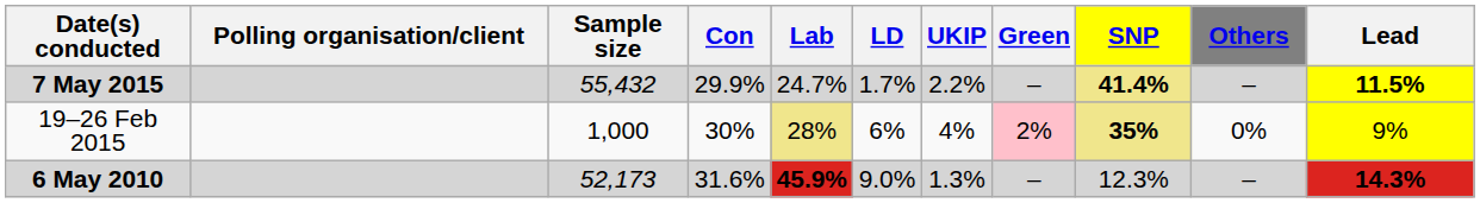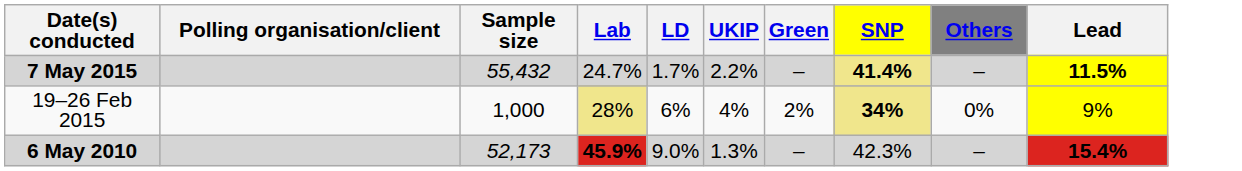 <table class="wikitable sortable" style="text-align:center;font-size:90%;line-height:14px">
 <tr>
 <th ! style="width:100px;">Date(s)<br>conducted</th>
 <th style="width:200px;">Polling organisation/client</th>
 <th class="unsortable" style="width:75px;">Sample size</th>
-<th class="unsortable" style="background:"><a href='#'><span>Con</span></a></th>
 <th class="unsortable" style="background:"><a href='#'><span>Lab</span></a></th>
 <th class="unsortable" style="background:"><a href='#'><span>LD</span></a></th>
 <th class="unsortable" style="background:"><a href='#'><span>UKIP</span></a></th>
 <th class="unsortable" style="background:"><a href='#'><span>Green</span></a></th>
 <th class="unsortable" style="background:#ffff00; width:60px;"><a href='#'><span>SNP</span></a></th>
 <th class="unsortable" style="background:gray; width:60px;"><a href='#'><span>Others</span></a></th>
 <th class="unsortable" style="width:90px;">Lead</th>
 </tr>
 <tr>
 <td style="background:#D5D5D5"><strong>7 May 2015</strong></td>
 <td style="background:#D5D5D5"></td>
 <td style="background:#D5D5D5"><em>55,432</em></td>
-<td style="background:#D5D5D5">29.9%</td>
 <td style="background:#D5D5D5">24.7%</td>
 <td style="background:#D5D5D5">1.7%</td>
 <td style="background:#D5D5D5">2.2%</td>
 <td style="background:#D5D5D5">–</td>
 <td style="background:khaki"><strong>41.4%</strong></td>
 <td style="background:#D5D5D5">–</td>
 <td style="background:#ffff00"><strong>11.5% </strong></td>
 </tr>
 <tr>
 <td>19–26 Feb 2015</td>
 <td> </td>
 <td>1,000</td>
-<td>30%</td>
 <td style="background: khaki;">28%</td>
 <td>6%</td>
 <td>4%</td>
-<td style="background: pink;">2%</td>
-<td style="background:khaki"><strong>35%</strong></td>
+<td>2%</td>
+<td style="background:khaki"><strong>34%</strong></td>
 <td>0%</td>
 <td style="background:#ff0"><span>9% </span></td>
 </tr>
 <tr>
 <td style="background:#D5D5D5"><strong>6 May 2010</strong></td>
 <td style="background:#D5D5D5"></td>
 <td style="background:#D5D5D5"><em>52,173</em></td>
-<td style="background:#D5D5D5">31.6%</td>
 <td style="background:#dc241f"><span><strong>45.9%</strong></span></td>
 <td style="background:#D5D5D5">9.0%</td>
 <td style="background:#D5D5D5">1.3%</td>
 <td style="background:#D5D5D5">–</td>
-<td style="background:#D5D5D5">12.3%</td>
+<td style="background:#D5D5D5">42.3%</td>
 <td style="background:#D5D5D5">–</td>
-<td style="background:#dc241f"><span><strong>14.3% </strong></span></td>
+<td style="background:#dc241f"><span><strong>15.4% </strong></span></td>
 </tr>
 </table>
